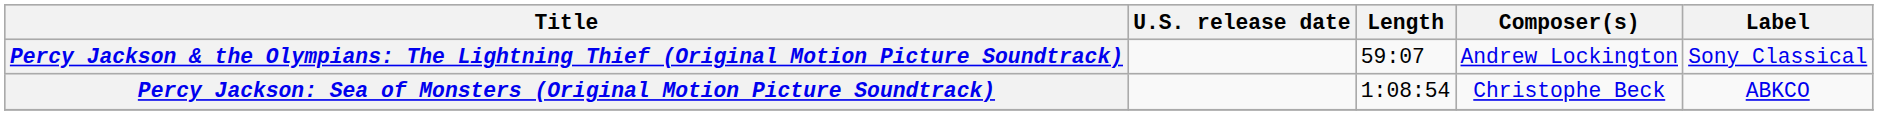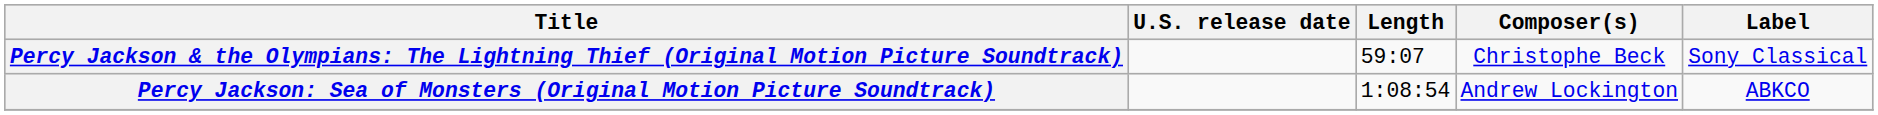 <table class="wikitable plainrowheaders" style="text-align:center;">
 <tr>
 <th scope="col">Title</th>
 <th scope="col">U.S. release date</th>
 <th scope="col">Length</th>
 <th scope="col">Composer(s)</th>
 <th scope="col">Label</th>
 </tr>
 <tr>
 <th scope="row"><em><a href='#'>Percy Jackson & the Olympians: The Lightning Thief (Original Motion Picture Soundtrack)</a></em></th>
 <td style="text-align:left"></td>
 <td style="text-align:left">59:07</td>
-<td><a href='#'>Andrew Lockington</a></td>
+<td><a href='#'>Christophe Beck</a></td>
 <td><a href='#'>Sony Classical</a></td>
 </tr>
 <tr>
 <th scope="row"><em><a href='#'>Percy Jackson: Sea of Monsters (Original Motion Picture Soundtrack)</a></em></th>
 <td style="text-align:left"></td>
 <td style="text-align:left">1:08:54</td>
-<td><a href='#'>Christophe Beck</a></td>
+<td><a href='#'>Andrew Lockington</a></td>
 <td><a href='#'>ABKCO</a></td>
 </tr>
 <tr>
 </tr>
 </table>
